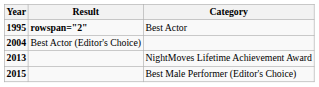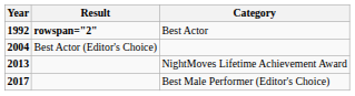 <table class="wikitable">
 <tr>
 <th>Year</th>
 <th>Result</th>
 <th>Category</th>
 </tr>
 <tr>
-<td><strong>1995</strong></td>
+<td><strong>1992</strong></td>
 <td><strong>rowspan="2" </strong></td>
 <td>Best Actor</td>
 </tr>
 <tr>
 <td><strong>2004</strong></td>
 <td>Best Actor (Editor's Choice)</td>
 </tr>
 <tr>
 <td><strong>2013</strong></td>
 <td></td>
 <td>NightMoves Lifetime Achievement Award</td>
 </tr>
 <tr>
-<td><strong>2015</strong></td>
+<td><strong>2017</strong></td>
 <td></td>
 <td>Best Male Performer (Editor's Choice)</td>
 </tr>
 </table>
